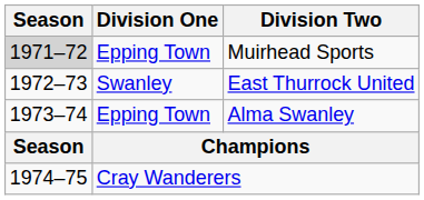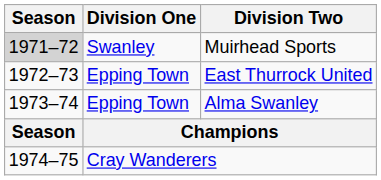 <table class=wikitable>
 <tr>
 <th>Season</th>
 <th>Division One</th>
 <th>Division Two</th>
 </tr>
 <tr>
 <td style="background: lightgrey;">1971–72</td>
-<td><a href='#'>Epping Town</a></td>
+<td><a href='#'>Swanley</a></td>
 <td>Muirhead Sports</td>
 </tr>
 <tr>
 <td>1972–73</td>
-<td><a href='#'>Swanley</a></td>
+<td><a href='#'>Epping Town</a></td>
 <td><a href='#'>East Thurrock United</a></td>
 </tr>
 <tr>
 <td>1973–74</td>
 <td><a href='#'>Epping Town</a></td>
 <td><a href='#'>Alma Swanley</a></td>
 </tr>
 <tr>
 <th>Season</th>
 <th colspan=2>Champions</th>
 </tr>
 <tr>
 <td>1974–75</td>
 <td colspan=2><a href='#'>Cray Wanderers</a></td>
 </tr>
 </table>
